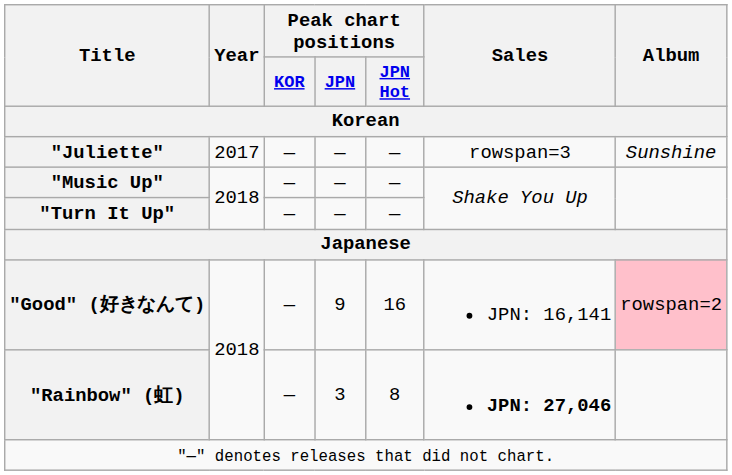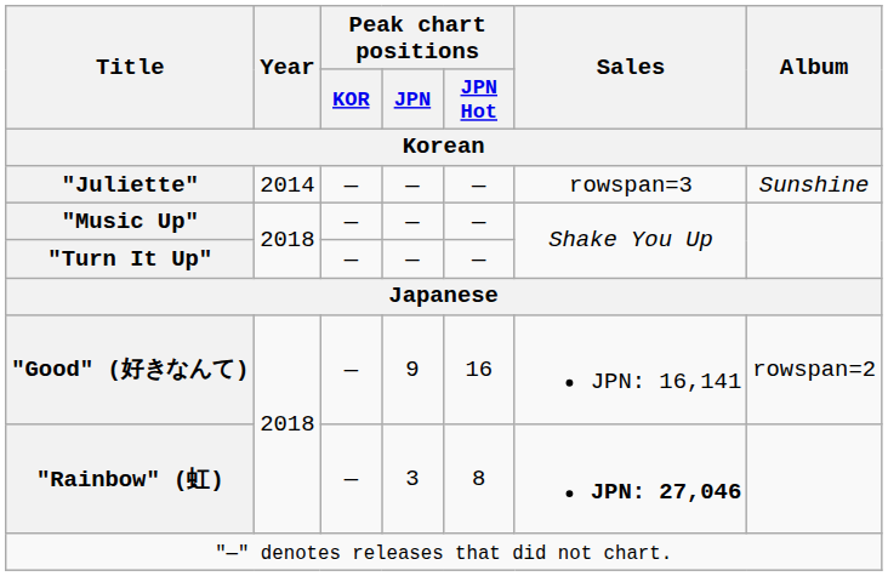 <table class="wikitable plainrowheaders" style="text-align:center;">
 <tr>
 <th scope="col" rowspan="2">Title</th>
 <th scope="col" rowspan="2">Year</th>
 <th scope="col" colspan="3">Peak chart <br> positions</th>
 <th scope="col" rowspan="2">Sales</th>
 <th scope="col" rowspan="2">Album</th>
 </tr>
 <tr>
 <th scope="col" style="width:2.5em;font-size:90%;"><a href='#'>KOR</a><br></th>
 <th scope="col" style="width:2.5em;font-size:90%;"><a href='#'>JPN</a></th>
 <th scope="col" style="width:3em;font-size:90%;"><a href='#'>JPN<br>Hot</a><br></th>
 </tr>
 <tr>
 <th scope="col" colspan="7">Korean</th>
 </tr>
 <tr>
 <th scope="row">"Juliette"</th>
-<td>2017</td>
+<td>2014</td>
 <td>—</td>
 <td>—</td>
 <td>—</td>
 <td>rowspan=3 </td>
 <td><em>Sunshine</em></td>
 </tr>
 <tr>
 <th scope="row">"Music Up"</th>
 <td rowspan=2>2018</td>
 <td>—</td>
 <td>—</td>
 <td>—</td>
 <td rowspan=2><em>Shake You Up</em></td>
 </tr>
 <tr>
 <th scope="row">"Turn It Up"</th>
 <td>—</td>
 <td>—</td>
 <td>—</td>
 </tr>
 <tr>
 <th scope="col" colspan="7">Japanese</th>
 </tr>
 <tr>
 <th scope="row">"Good" (好きなんて)</th>
 <td rowspan=2>2018</td>
 <td>—</td>
 <td>9</td>
 <td>16</td>
 <td><br><ul><li>JPN: 16,141</li></ul></td>
-<td style="background: pink;">rowspan=2  </td>
+<td>rowspan=2  </td>
 </tr>
 <tr>
 <th scope="row">"Rainbow" (虹)</th>
 <td>—</td>
 <td>3</td>
 <td>8</td>
 <td><strong><br><ul><li>JPN: 27,046</li></ul></strong></td>
 </tr>
 <tr>
 <td colspan="7" style="text-align:center;"><small>"—" denotes releases that did not chart.</small></td>
 </tr>
 </table>
